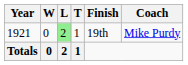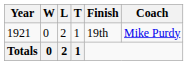 <table class="wikitable">
 <tr>
 <th>Year</th>
 <th>W</th>
 <th>L</th>
 <th>T</th>
 <th>Finish</th>
 <th>Coach</th>
 </tr>
 <tr>
 <td>1921</td>
 <td>0</td>
-<td style="background: lightgreen;">2</td>
+<td>2</td>
 <td>1</td>
 <td>19th</td>
 <td><a href='#'>Mike Purdy</a></td>
 </tr>
 <tr>
 <th>Totals</th>
 <th>0</th>
 <th>2</th>
 <th>1</th>
 <td colspan="2"></td>
 </tr>
 </table>
